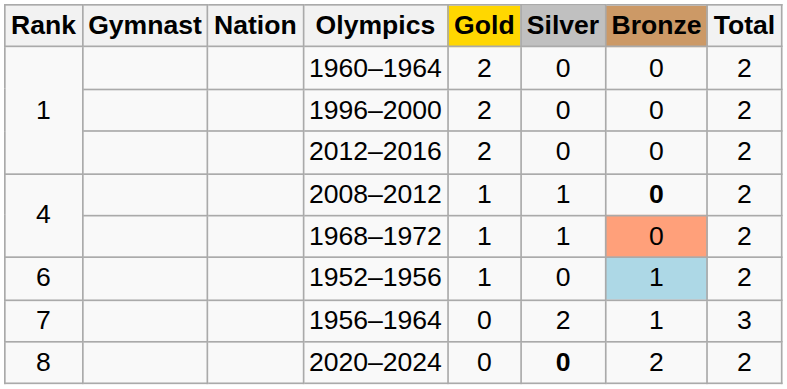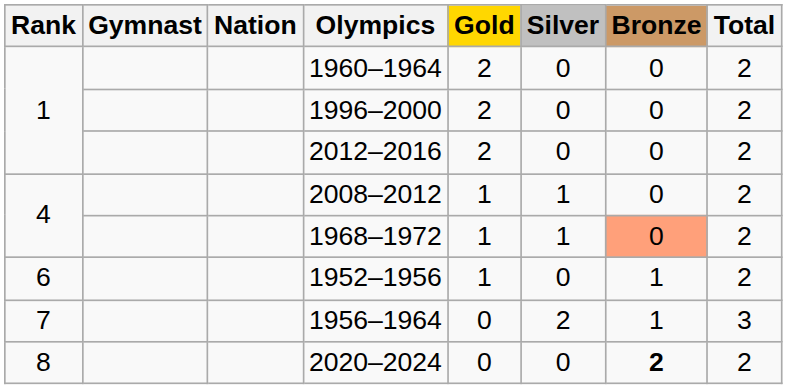 <table class="wikitable sortable" style="text-align:center">
 <tr>
 <th>Rank</th>
 <th>Gymnast</th>
 <th>Nation</th>
 <th>Olympics</th>
 <th style="background-color:gold">Gold</th>
 <th style="background-color:silver">Silver</th>
 <th style="background-color:#cc9966">Bronze</th>
 <th>Total</th>
 </tr>
 <tr>
 <td rowspan="3">1</td>
 <td align=left></td>
 <td align=left></td>
 <td>1960–1964</td>
 <td>2</td>
 <td>0</td>
 <td>0</td>
 <td>2</td>
 </tr>
 <tr>
 <td align=left></td>
 <td align=left></td>
 <td>1996–2000</td>
 <td>2</td>
 <td>0</td>
 <td>0</td>
 <td>2</td>
 </tr>
 <tr>
 <td align=left></td>
 <td align=left></td>
 <td>2012–2016</td>
 <td>2</td>
 <td>0</td>
 <td>0</td>
 <td>2</td>
 </tr>
 <tr>
 <td rowspan="2">4</td>
 <td align=left></td>
 <td align=left></td>
 <td>2008–2012</td>
 <td>1</td>
 <td>1</td>
-<td><strong>0</strong></td>
+<td>0</td>
 <td>2</td>
 </tr>
 <tr>
 <td align=left></td>
 <td align=left></td>
 <td>1968–1972</td>
 <td>1</td>
 <td>1</td>
 <td style="background: lightsalmon;">0</td>
 <td>2</td>
 </tr>
 <tr>
 <td>6</td>
 <td align=left></td>
 <td align=left></td>
 <td>1952–1956</td>
 <td>1</td>
 <td>0</td>
-<td style="background: lightblue;">1</td>
+<td>1</td>
 <td>2</td>
 </tr>
 <tr>
 <td>7</td>
 <td align=left></td>
 <td align=left></td>
 <td>1956–1964</td>
 <td>0</td>
 <td>2</td>
 <td>1</td>
 <td>3</td>
 </tr>
 <tr>
 <td>8</td>
 <td align=left></td>
 <td align=left></td>
 <td>2020–2024</td>
 <td>0</td>
-<td><strong>0</strong></td>
-<td>2</td>
+<td>0</td>
+<td><strong>2</strong></td>
 <td>2</td>
 </tr>
 </table>
